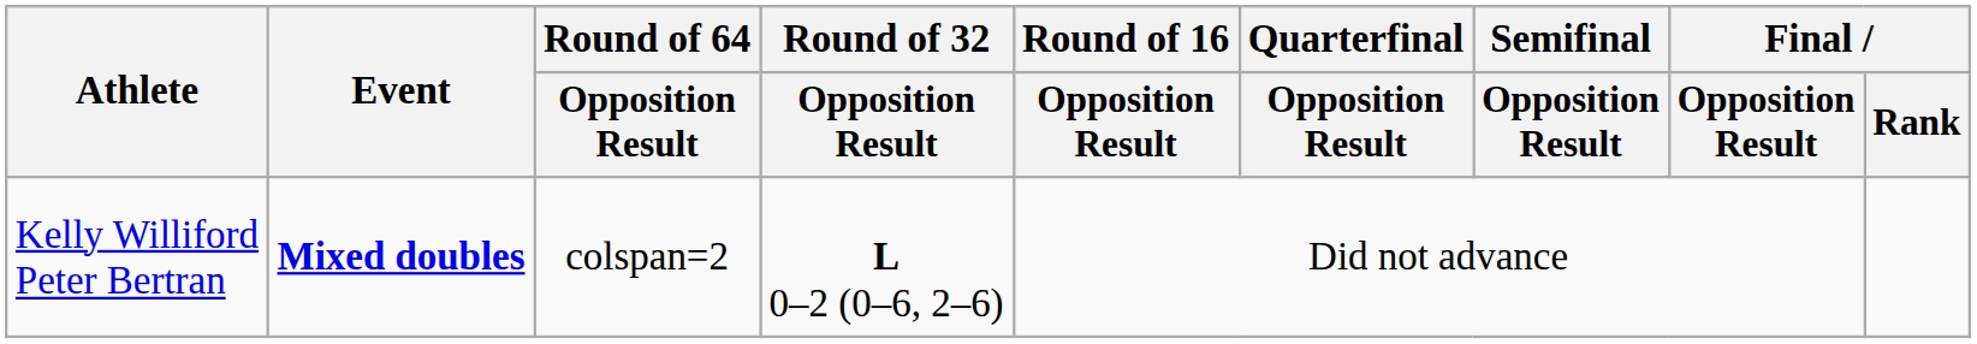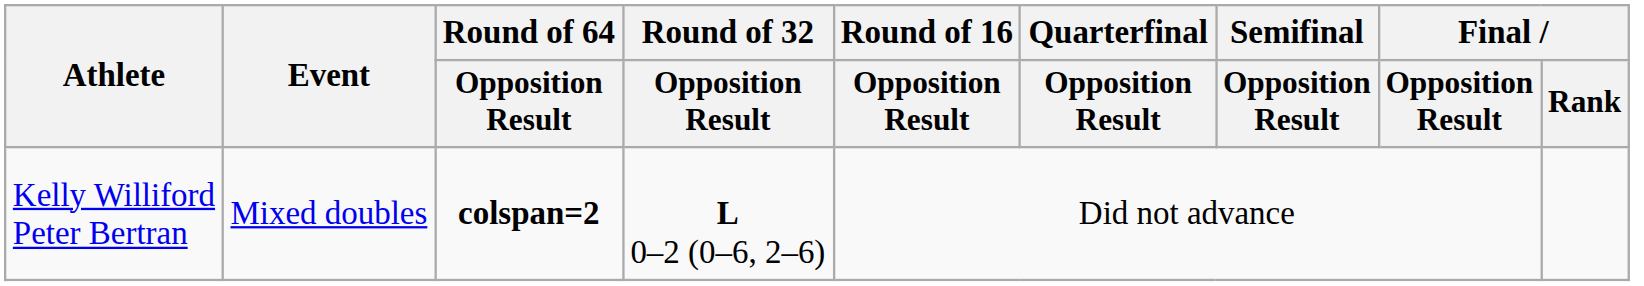 <table class=wikitable style=font-size:90%;text-align:center>
 <tr>
 <th rowspan=2>Athlete</th>
 <th rowspan=2>Event</th>
 <th>Round of 64</th>
 <th>Round of 32</th>
 <th>Round of 16</th>
 <th>Quarterfinal</th>
 <th>Semifinal</th>
 <th colspan=2>Final / </th>
 </tr>
 <tr style=font-size:95%>
 <th>Opposition<br>Result</th>
 <th>Opposition<br>Result</th>
 <th>Opposition<br>Result</th>
 <th>Opposition<br>Result</th>
 <th>Opposition<br>Result</th>
 <th>Opposition<br>Result</th>
 <th>Rank</th>
 </tr>
 <tr align=center>
 <td align=left><a href='#'>Kelly Williford</a><br><a href='#'>Peter Bertran</a></td>
-<td align=left><strong><a href='#'>Mixed doubles</a></strong></td>
-<td>colspan=2 </td>
+<td align=left><a href='#'>Mixed doubles</a></td>
+<td><strong>colspan=2 </strong></td>
 <td><br><strong>L</strong><br> 0–2 (0–6, 2–6)</td>
 <td colspan=4>Did not advance</td>
 </tr>
 </table>
